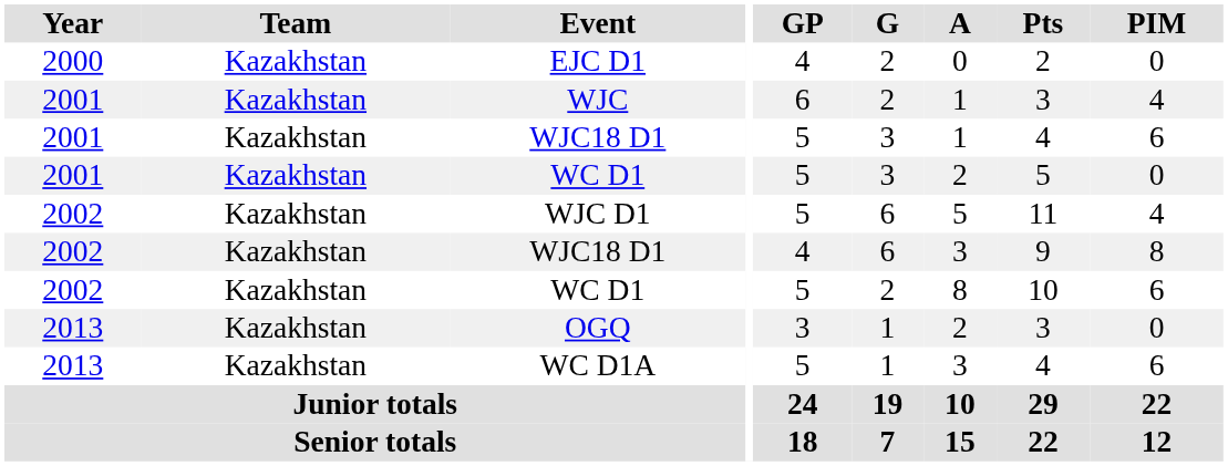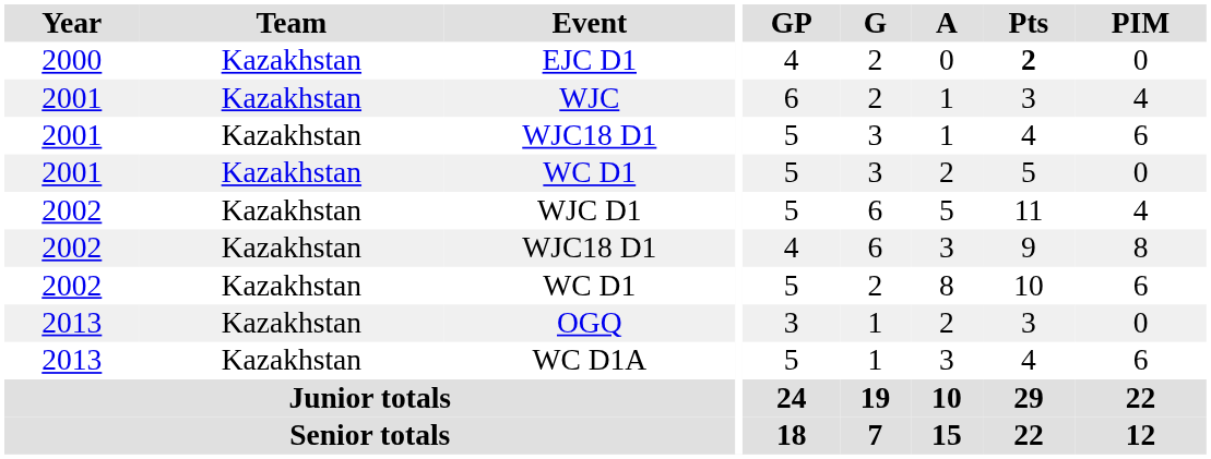 <table border="0" cellpadding="1" cellspacing="0" ID="Table3" style="text-align:center; width:40em">
 <tr ALIGN="center" bgcolor="#e0e0e0">
 <th>Year</th>
 <th>Team</th>
 <th>Event</th>
 <th rowspan="99" bgcolor="#ffffff"></th>
 <th>GP</th>
 <th>G</th>
 <th>A</th>
 <th>Pts</th>
 <th>PIM</th>
 </tr>
 <tr>
 <td><a href='#'>2000</a></td>
 <td><a href='#'>Kazakhstan</a></td>
 <td><a href='#'>EJC D1</a></td>
 <td>4</td>
 <td>2</td>
 <td>0</td>
-<td>2</td>
+<td><strong>2</strong></td>
 <td>0</td>
 </tr>
 <tr bgcolor="#f0f0f0">
 <td><a href='#'>2001</a></td>
 <td><a href='#'>Kazakhstan</a></td>
 <td><a href='#'>WJC</a></td>
 <td>6</td>
 <td>2</td>
 <td>1</td>
 <td>3</td>
 <td>4</td>
 </tr>
 <tr>
 <td><a href='#'>2001</a></td>
 <td>Kazakhstan</td>
 <td><a href='#'>WJC18 D1</a></td>
 <td>5</td>
 <td>3</td>
 <td>1</td>
 <td>4</td>
 <td>6</td>
 </tr>
 <tr bgcolor="#f0f0f0">
 <td><a href='#'>2001</a></td>
 <td><a href='#'>Kazakhstan</a></td>
 <td><a href='#'>WC D1</a></td>
 <td>5</td>
 <td>3</td>
 <td>2</td>
 <td>5</td>
 <td>0</td>
 </tr>
 <tr>
 <td><a href='#'>2002</a></td>
 <td>Kazakhstan</td>
 <td>WJC D1</td>
 <td>5</td>
 <td>6</td>
 <td>5</td>
 <td>11</td>
 <td>4</td>
 </tr>
 <tr bgcolor="#f0f0f0">
 <td><a href='#'>2002</a></td>
 <td>Kazakhstan</td>
 <td>WJC18 D1</td>
 <td>4</td>
 <td>6</td>
 <td>3</td>
 <td>9</td>
 <td>8</td>
 </tr>
 <tr>
 <td><a href='#'>2002</a></td>
 <td>Kazakhstan</td>
 <td>WC D1</td>
 <td>5</td>
 <td>2</td>
 <td>8</td>
 <td>10</td>
 <td>6</td>
 </tr>
 <tr bgcolor="#f0f0f0">
 <td><a href='#'>2013</a></td>
 <td>Kazakhstan</td>
 <td><a href='#'>OGQ</a></td>
 <td>3</td>
 <td>1</td>
 <td>2</td>
 <td>3</td>
 <td>0</td>
 </tr>
 <tr>
 <td><a href='#'>2013</a></td>
 <td>Kazakhstan</td>
 <td>WC D1A</td>
 <td>5</td>
 <td>1</td>
 <td>3</td>
 <td>4</td>
 <td>6</td>
 </tr>
 <tr bgcolor="#e0e0e0">
 <th colspan="3">Junior totals</th>
 <th>24</th>
 <th>19</th>
 <th>10</th>
 <th>29</th>
 <th>22</th>
 </tr>
 <tr bgcolor="#e0e0e0">
 <th colspan="3">Senior totals</th>
 <th>18</th>
 <th>7</th>
 <th>15</th>
 <th>22</th>
 <th>12</th>
 </tr>
 </table>
